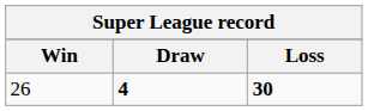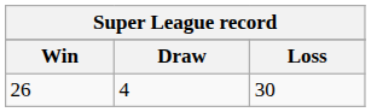 <table class="wikitable" width="20%" style="font-size:90%">
 <tr bgcolor="#efefef">
 <th colspan=11>Super League record</th>
 </tr>
 <tr bgcolor="#efefef">
 </tr>
 <tr>
 <th>Win</th>
 <th>Draw</th>
 <th>Loss</th>
 </tr>
 <tr>
 <td>26</td>
-<td><strong>4</strong></td>
-<td><strong>30</strong></td>
+<td>4</td>
+<td>30</td>
 </tr>
 </table>
